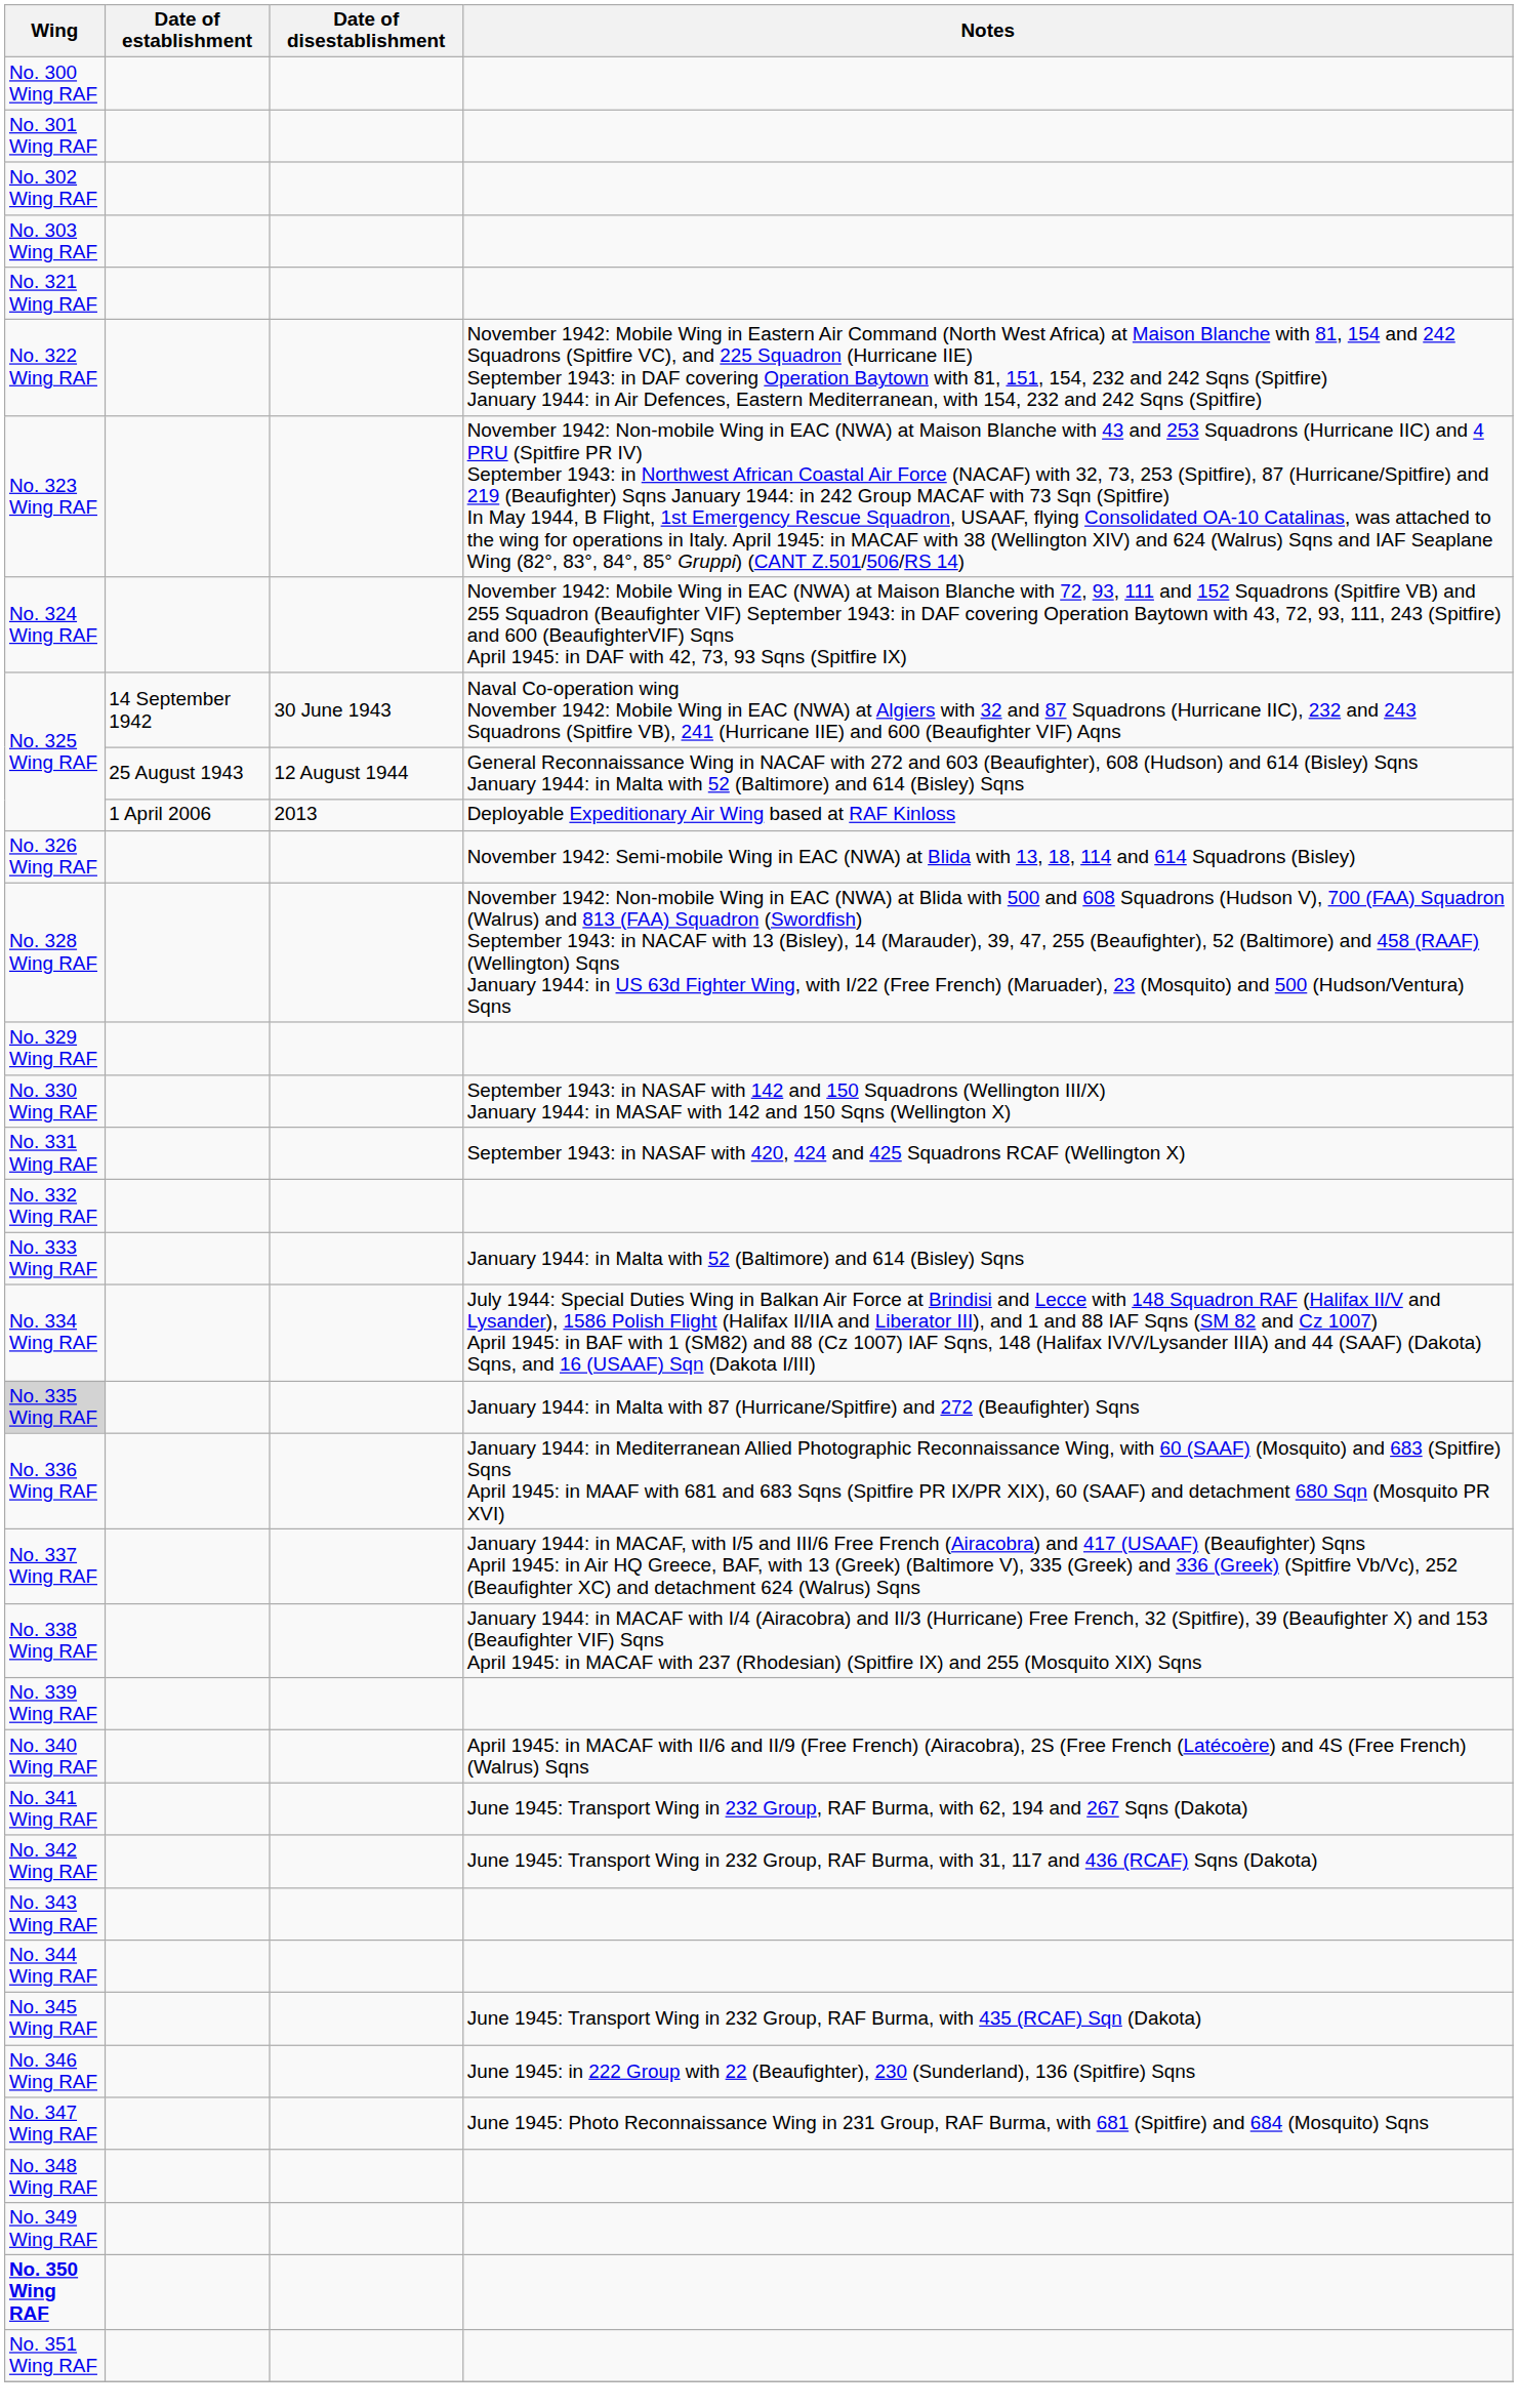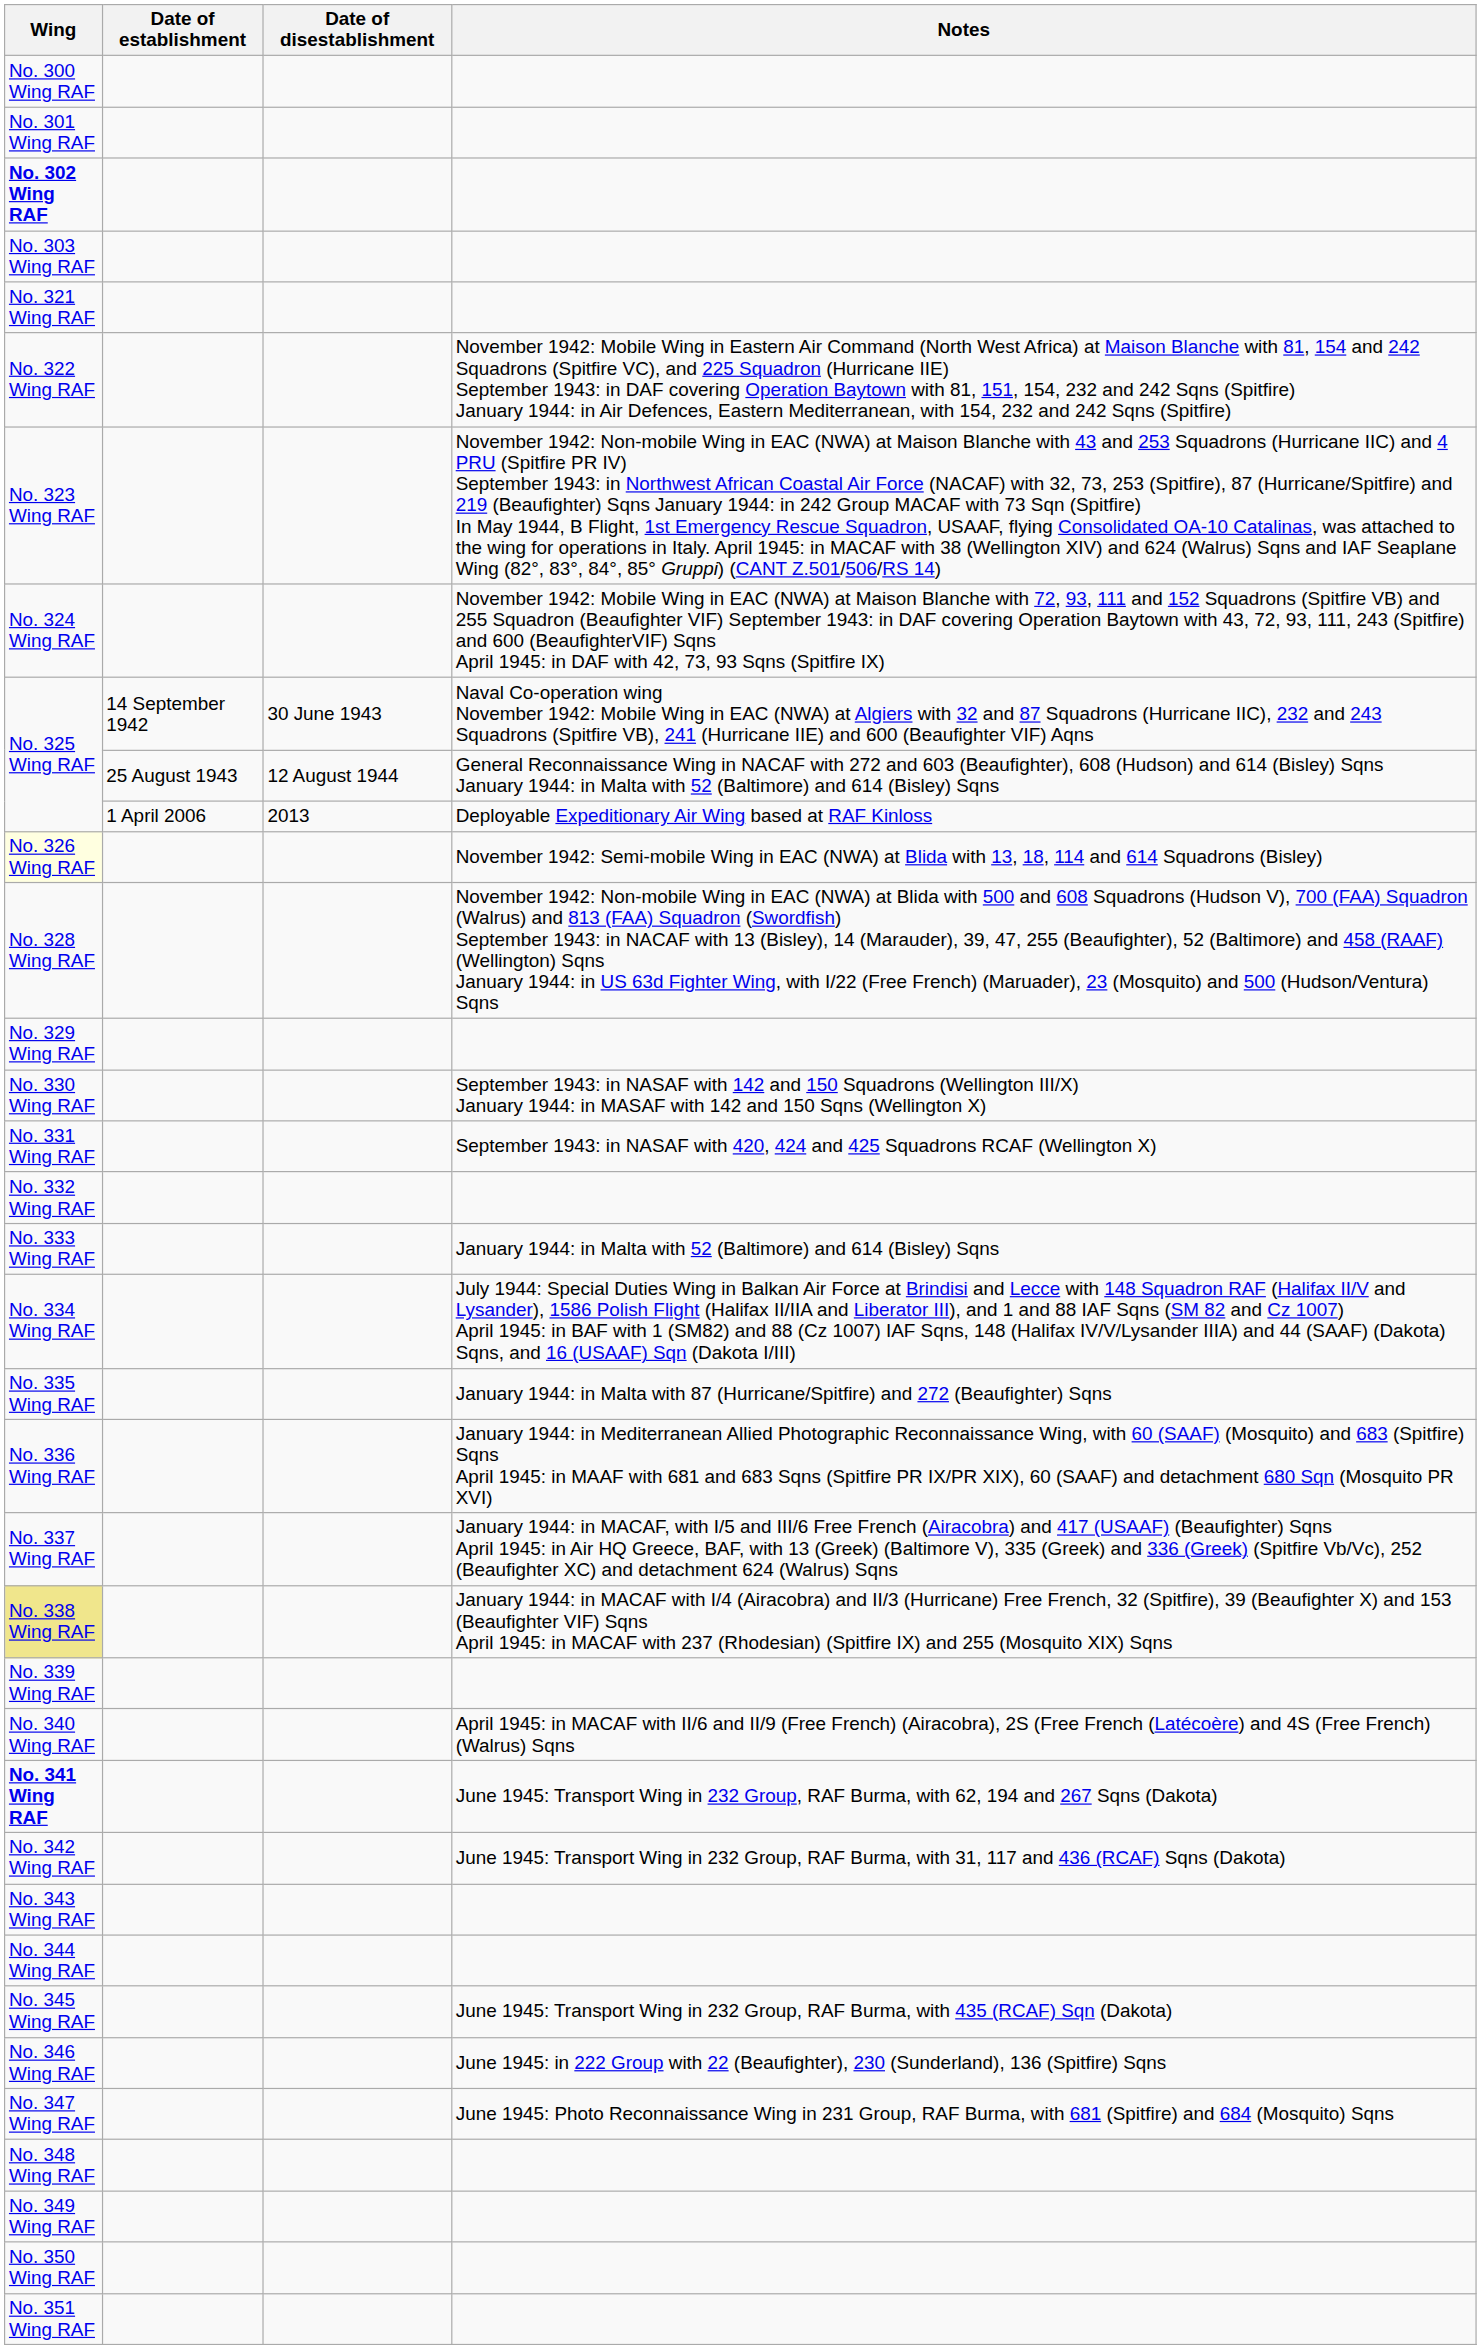 <table class="wikitable">
 <tr>
 <th>Wing</th>
 <th>Date of establishment</th>
 <th>Date of disestablishment</th>
 <th>Notes</th>
 </tr>
 <tr>
 <td><a href='#'>No. 300 Wing RAF</a></td>
 <td></td>
 <td></td>
 <td></td>
 </tr>
 <tr>
 <td><a href='#'>No. 301 Wing RAF</a></td>
 <td></td>
 <td></td>
 <td></td>
 </tr>
 <tr>
-<td><a href='#'>No. 302 Wing RAF</a></td>
+<td><strong><a href='#'>No. 302 Wing RAF</a></strong></td>
 <td></td>
 <td></td>
 <td></td>
 </tr>
 <tr>
 <td><a href='#'>No. 303 Wing RAF</a></td>
 <td></td>
 <td></td>
 <td></td>
 </tr>
 <tr>
 <td><a href='#'>No. 321 Wing RAF</a></td>
 <td></td>
 <td></td>
 <td></td>
 </tr>
 <tr>
 <td><a href='#'>No. 322 Wing RAF</a></td>
 <td></td>
 <td></td>
 <td>November 1942: Mobile Wing in Eastern Air Command (North West Africa) at <a href='#'>Maison Blanche</a> with <a href='#'>81</a>, <a href='#'>154</a> and <a href='#'>242</a> Squadrons (Spitfire VC), and <a href='#'>225 Squadron</a> (Hurricane IIE)<br> September 1943: in DAF covering <a href='#'>Operation Baytown</a> with 81, <a href='#'>151</a>, 154, 232 and 242 Sqns (Spitfire)<br>January 1944: in Air Defences, Eastern Mediterranean, with 154, 232 and 242 Sqns (Spitfire)</td>
 </tr>
 <tr>
 <td><a href='#'>No. 323 Wing RAF</a></td>
 <td></td>
 <td></td>
 <td>November 1942: Non-mobile Wing in EAC (NWA) at Maison Blanche with <a href='#'>43</a> and <a href='#'>253</a> Squadrons (Hurricane IIC) and <a href='#'>4 PRU</a> (Spitfire PR IV)<br> September 1943: in <a href='#'>Northwest African Coastal Air Force</a> (NACAF) with 32, 73, 253 (Spitfire), 87 (Hurricane/Spitfire) and <a href='#'>219</a> (Beaufighter) Sqns January 1944: in 242 Group MACAF with 73 Sqn (Spitfire)<br>In May 1944, B Flight, <a href='#'>1st Emergency Rescue Squadron</a>, USAAF, flying <a href='#'>Consolidated OA-10 Catalinas</a>, was attached to the wing for operations in Italy. April 1945: in MACAF with 38 (Wellington XIV) and 624 (Walrus) Sqns and IAF Seaplane Wing (82°, 83°, 84°, 85° <em>Gruppi</em>) (<a href='#'>CANT Z.501</a>/<a href='#'>506</a>/<a href='#'>RS 14</a>)</td>
 </tr>
 <tr>
 <td><a href='#'>No. 324 Wing RAF</a></td>
 <td></td>
 <td></td>
 <td>November 1942: Mobile Wing in EAC (NWA) at Maison Blanche with <a href='#'>72</a>, <a href='#'>93</a>, <a href='#'>111</a> and <a href='#'>152</a> Squadrons (Spitfire VB) and 255 Squadron (Beaufighter VIF) September 1943: in DAF covering Operation Baytown with 43, 72, 93, 111, 243 (Spitfire) and 600 (BeaufighterVIF) Sqns<br>April 1945: in DAF with 42, 73, 93 Sqns (Spitfire IX)</td>
 </tr>
 <tr>
 <td rowspan="3"><a href='#'>No. 325 Wing RAF</a></td>
 <td>14 September 1942</td>
 <td>30 June 1943</td>
 <td>Naval Co-operation wing<br>November 1942: Mobile Wing in EAC (NWA) at <a href='#'>Algiers</a> with <a href='#'>32</a> and <a href='#'>87</a> Squadrons (Hurricane IIC), <a href='#'>232</a> and <a href='#'>243</a> Squadrons (Spitfire VB), <a href='#'>241</a> (Hurricane IIE) and 600 (Beaufighter VIF) Aqns</td>
 </tr>
 <tr>
 <td>25 August 1943</td>
 <td>12 August 1944</td>
 <td>General Reconnaissance Wing in NACAF with 272 and 603 (Beaufighter), 608 (Hudson) and 614 (Bisley) Sqns<br>January 1944: in Malta with <a href='#'>52</a> (Baltimore) and 614 (Bisley) Sqns</td>
 </tr>
 <tr>
 <td>1 April 2006</td>
 <td>2013</td>
 <td>Deployable <a href='#'>Expeditionary Air Wing</a> based at <a href='#'>RAF Kinloss</a></td>
 </tr>
 <tr>
-<td><a href='#'>No. 326 Wing RAF</a></td>
+<td style="background: lightyellow;"><a href='#'>No. 326 Wing RAF</a></td>
 <td></td>
 <td></td>
 <td>November 1942: Semi-mobile Wing in EAC (NWA) at <a href='#'>Blida</a> with <a href='#'>13</a>, <a href='#'>18</a>, <a href='#'>114</a> and <a href='#'>614</a> Squadrons (Bisley)</td>
 </tr>
 <tr>
 <td><a href='#'>No. 328 Wing RAF</a></td>
 <td></td>
 <td></td>
 <td>November 1942: Non-mobile Wing in EAC (NWA) at Blida with <a href='#'>500</a> and <a href='#'>608</a> Squadrons (Hudson V), <a href='#'>700 (FAA) Squadron</a> (Walrus) and <a href='#'>813 (FAA) Squadron</a> (<a href='#'>Swordfish</a>)<br>September 1943: in NACAF with 13 (Bisley), 14 (Marauder), 39, 47, 255 (Beaufighter), 52 (Baltimore) and <a href='#'>458 (RAAF)</a> (Wellington) Sqns<br>January 1944: in <a href='#'>US 63d Fighter Wing</a>, with I/22 (Free French) (Maruader), <a href='#'>23</a> (Mosquito) and <a href='#'>500</a> (Hudson/Ventura) Sqns</td>
 </tr>
 <tr>
 <td><a href='#'>No. 329 Wing RAF</a></td>
 <td></td>
 <td></td>
 <td></td>
 </tr>
 <tr>
 <td><a href='#'>No. 330 Wing RAF</a></td>
 <td></td>
 <td></td>
 <td>September 1943: in NASAF with <a href='#'>142</a> and <a href='#'>150</a> Squadrons (Wellington III/X)<br>January 1944: in MASAF with 142 and 150 Sqns (Wellington X)</td>
 </tr>
 <tr>
 <td><a href='#'>No. 331 Wing RAF</a></td>
 <td></td>
 <td></td>
 <td>September 1943: in NASAF with <a href='#'>420</a>, <a href='#'>424</a> and <a href='#'>425</a> Squadrons RCAF (Wellington X)</td>
 </tr>
 <tr>
 <td><a href='#'>No. 332 Wing RAF</a></td>
 <td></td>
 <td></td>
 <td></td>
 </tr>
 <tr>
 <td><a href='#'>No. 333 Wing RAF</a></td>
 <td></td>
 <td></td>
 <td>January 1944: in Malta with <a href='#'>52</a> (Baltimore) and 614 (Bisley) Sqns</td>
 </tr>
 <tr>
 <td><a href='#'>No. 334 Wing RAF</a></td>
 <td></td>
 <td></td>
 <td>July 1944: Special Duties Wing in Balkan Air Force at <a href='#'>Brindisi</a> and <a href='#'>Lecce</a> with <a href='#'>148 Squadron RAF</a> (<a href='#'>Halifax II/V</a> and <a href='#'>Lysander</a>), <a href='#'>1586 Polish Flight</a> (Halifax II/IIA and <a href='#'>Liberator III</a>), and 1 and 88 IAF Sqns (<a href='#'>SM 82</a> and <a href='#'>Cz 1007</a>)<br>April 1945: in BAF with 1 (SM82) and 88 (Cz 1007)  IAF Sqns, 148 (Halifax IV/V/Lysander IIIA) and 44 (SAAF) (Dakota) Sqns, and <a href='#'>16 (USAAF) Sqn</a> (Dakota I/III)</td>
 </tr>
 <tr>
-<td style="background: lightgrey;"><a href='#'>No. 335 Wing RAF</a></td>
+<td><a href='#'>No. 335 Wing RAF</a></td>
 <td></td>
 <td></td>
 <td>January 1944: in Malta with 87 (Hurricane/Spitfire) and <a href='#'>272</a>  (Beaufighter) Sqns</td>
 </tr>
 <tr>
 <td><a href='#'>No. 336 Wing RAF</a></td>
 <td></td>
 <td></td>
 <td>January 1944: in Mediterranean Allied Photographic Reconnaissance Wing, with <a href='#'>60 (SAAF)</a> (Mosquito) and <a href='#'>683</a> (Spitfire) Sqns<br>April 1945: in MAAF with 681 and 683 Sqns (Spitfire PR IX/PR XIX), 60 (SAAF) and detachment <a href='#'>680 Sqn</a> (Mosquito PR XVI)</td>
 </tr>
 <tr>
 <td><a href='#'>No. 337 Wing RAF</a></td>
 <td></td>
 <td></td>
 <td>January 1944: in MACAF, with I/5 and III/6 Free French (<a href='#'>Airacobra</a>) and <a href='#'>417 (USAAF)</a> (Beaufighter) Sqns<br>April 1945: in Air HQ Greece, BAF, with 13 (Greek) (Baltimore V), 335 (Greek) and <a href='#'>336 (Greek)</a> (Spitfire Vb/Vc), 252 (Beaufighter XC) and detachment 624 (Walrus)  Sqns</td>
 </tr>
 <tr>
-<td><a href='#'>No. 338 Wing RAF</a></td>
+<td style="background: khaki;"><a href='#'>No. 338 Wing RAF</a></td>
 <td></td>
 <td></td>
 <td>January 1944: in MACAF with I/4 (Airacobra) and II/3 (Hurricane) Free French, 32 (Spitfire), 39 (Beaufighter X) and 153 (Beaufighter VIF) Sqns<br>April 1945: in MACAF with 237 (Rhodesian) (Spitfire IX) and 255 (Mosquito XIX) Sqns</td>
 </tr>
 <tr>
 <td><a href='#'>No. 339 Wing RAF</a></td>
 <td></td>
 <td></td>
 <td></td>
 </tr>
 <tr>
 <td><a href='#'>No. 340 Wing RAF</a></td>
 <td></td>
 <td></td>
 <td>April 1945: in MACAF with II/6 and II/9 (Free French) (Airacobra), 2S (Free French (<a href='#'>Latécoère</a>) and 4S (Free French) (Walrus) Sqns</td>
 </tr>
 <tr>
-<td><a href='#'>No. 341 Wing RAF</a></td>
+<td><strong><a href='#'>No. 341 Wing RAF</a></strong></td>
 <td></td>
 <td></td>
 <td>June 1945: Transport Wing in <a href='#'>232 Group</a>, RAF Burma, with 62, 194 and <a href='#'>267</a> Sqns (Dakota)</td>
 </tr>
 <tr>
 <td><a href='#'>No. 342 Wing RAF</a></td>
 <td></td>
 <td></td>
 <td>June 1945: Transport Wing in 232 Group, RAF Burma, with 31, 117 and <a href='#'>436 (RCAF)</a> Sqns (Dakota)</td>
 </tr>
 <tr>
 <td><a href='#'>No. 343 Wing RAF</a></td>
 <td></td>
 <td></td>
 <td></td>
 </tr>
 <tr>
 <td><a href='#'>No. 344 Wing RAF</a></td>
 <td></td>
 <td></td>
 <td></td>
 </tr>
 <tr>
 <td><a href='#'>No. 345 Wing RAF</a></td>
 <td></td>
 <td></td>
 <td>June 1945: Transport Wing in 232 Group, RAF Burma, with <a href='#'>435 (RCAF) Sqn</a> (Dakota)</td>
 </tr>
 <tr>
 <td><a href='#'>No. 346 Wing RAF</a></td>
 <td></td>
 <td></td>
 <td>June 1945: in <a href='#'>222 Group</a> with <a href='#'>22</a> (Beaufighter), <a href='#'>230</a> (Sunderland), 136 (Spitfire) Sqns</td>
 </tr>
 <tr>
 <td><a href='#'>No. 347 Wing RAF</a></td>
 <td></td>
 <td></td>
 <td>June 1945: Photo Reconnaissance Wing in 231 Group, RAF Burma, with <a href='#'>681</a> (Spitfire) and <a href='#'>684</a> (Mosquito) Sqns</td>
 </tr>
 <tr>
 <td><a href='#'>No. 348 Wing RAF</a></td>
 <td></td>
 <td></td>
 <td></td>
 </tr>
 <tr>
 <td><a href='#'>No. 349 Wing RAF</a></td>
 <td></td>
 <td></td>
 <td></td>
 </tr>
 <tr>
-<td><strong><a href='#'>No. 350 Wing RAF</a></strong></td>
+<td><a href='#'>No. 350 Wing RAF</a></td>
 <td></td>
 <td></td>
 <td></td>
 </tr>
 <tr>
 <td><a href='#'>No. 351 Wing RAF</a></td>
 <td></td>
 <td></td>
 <td></td>
 </tr>
 <tr>
 </tr>
 </table>
